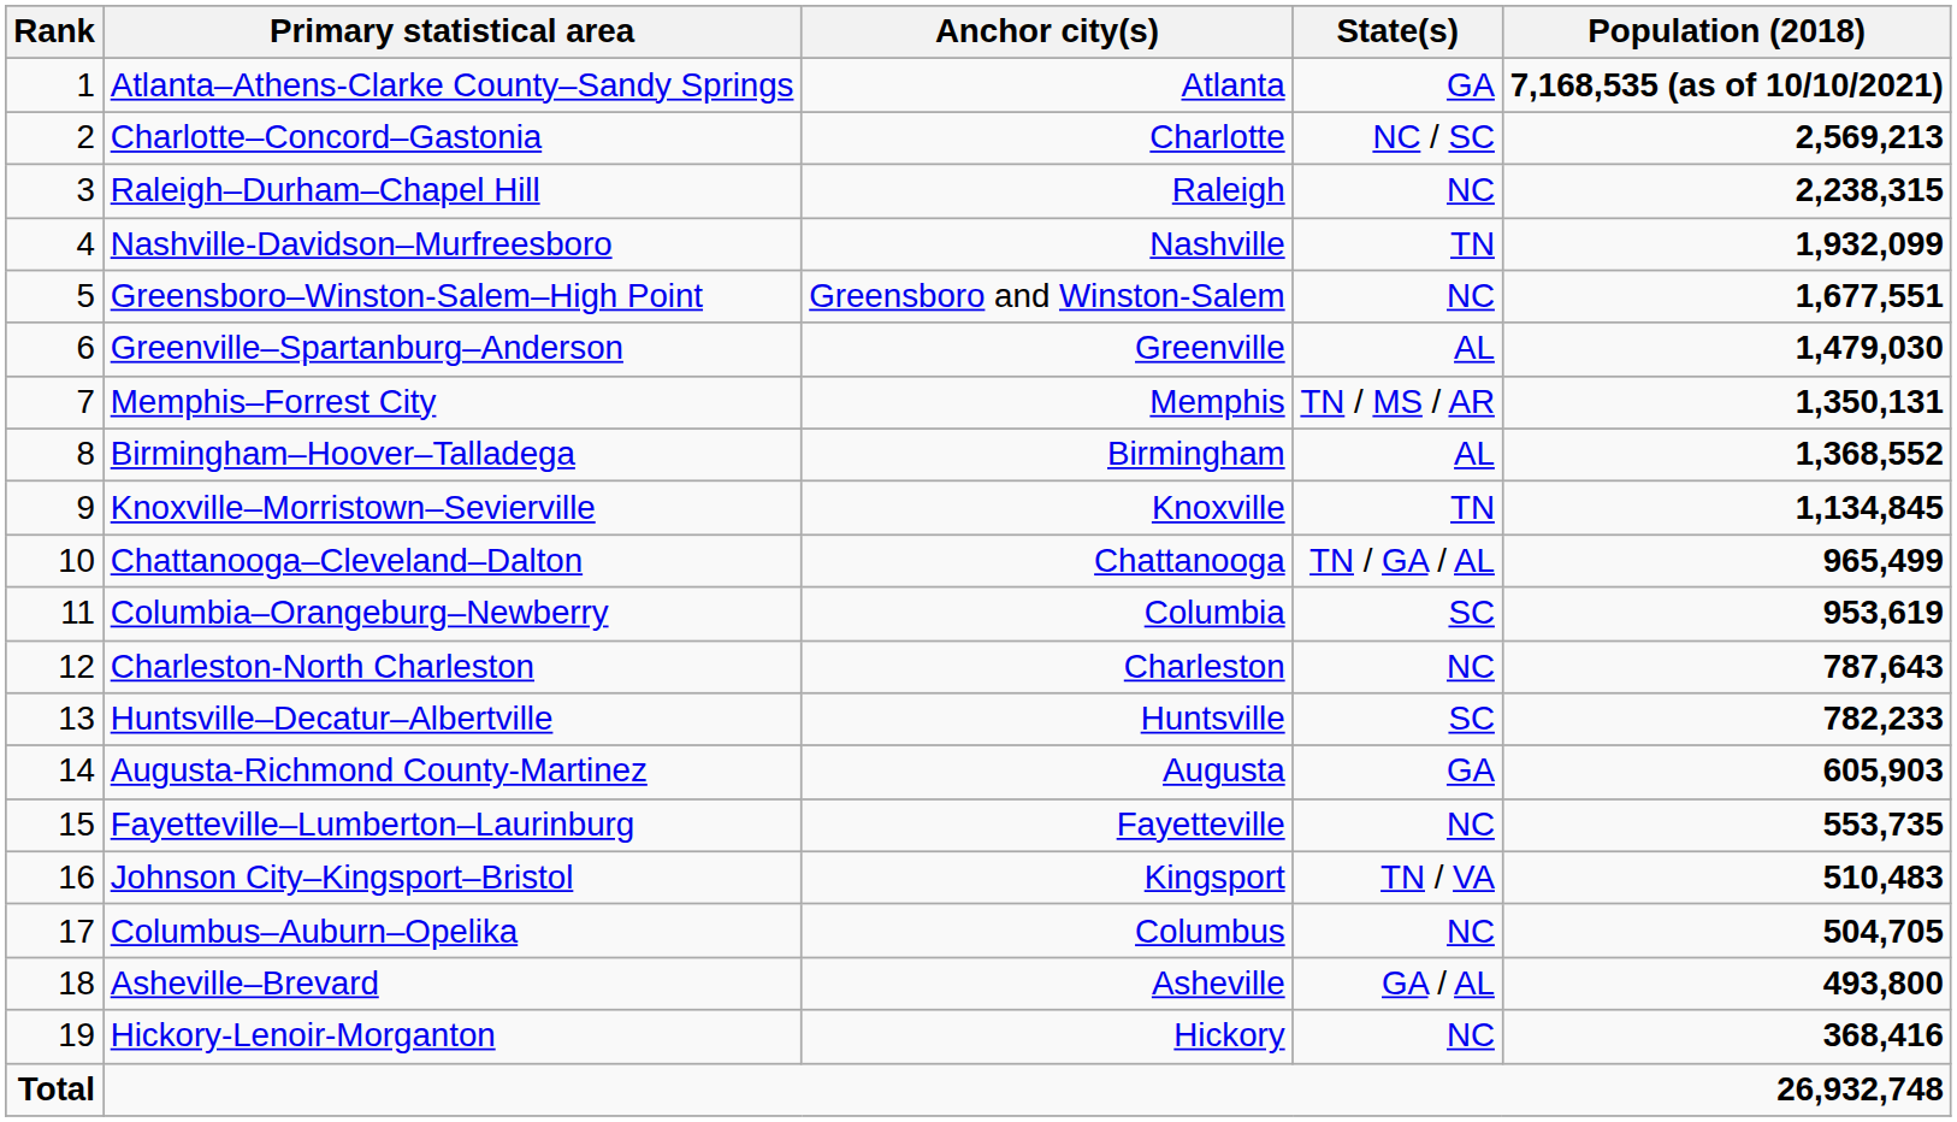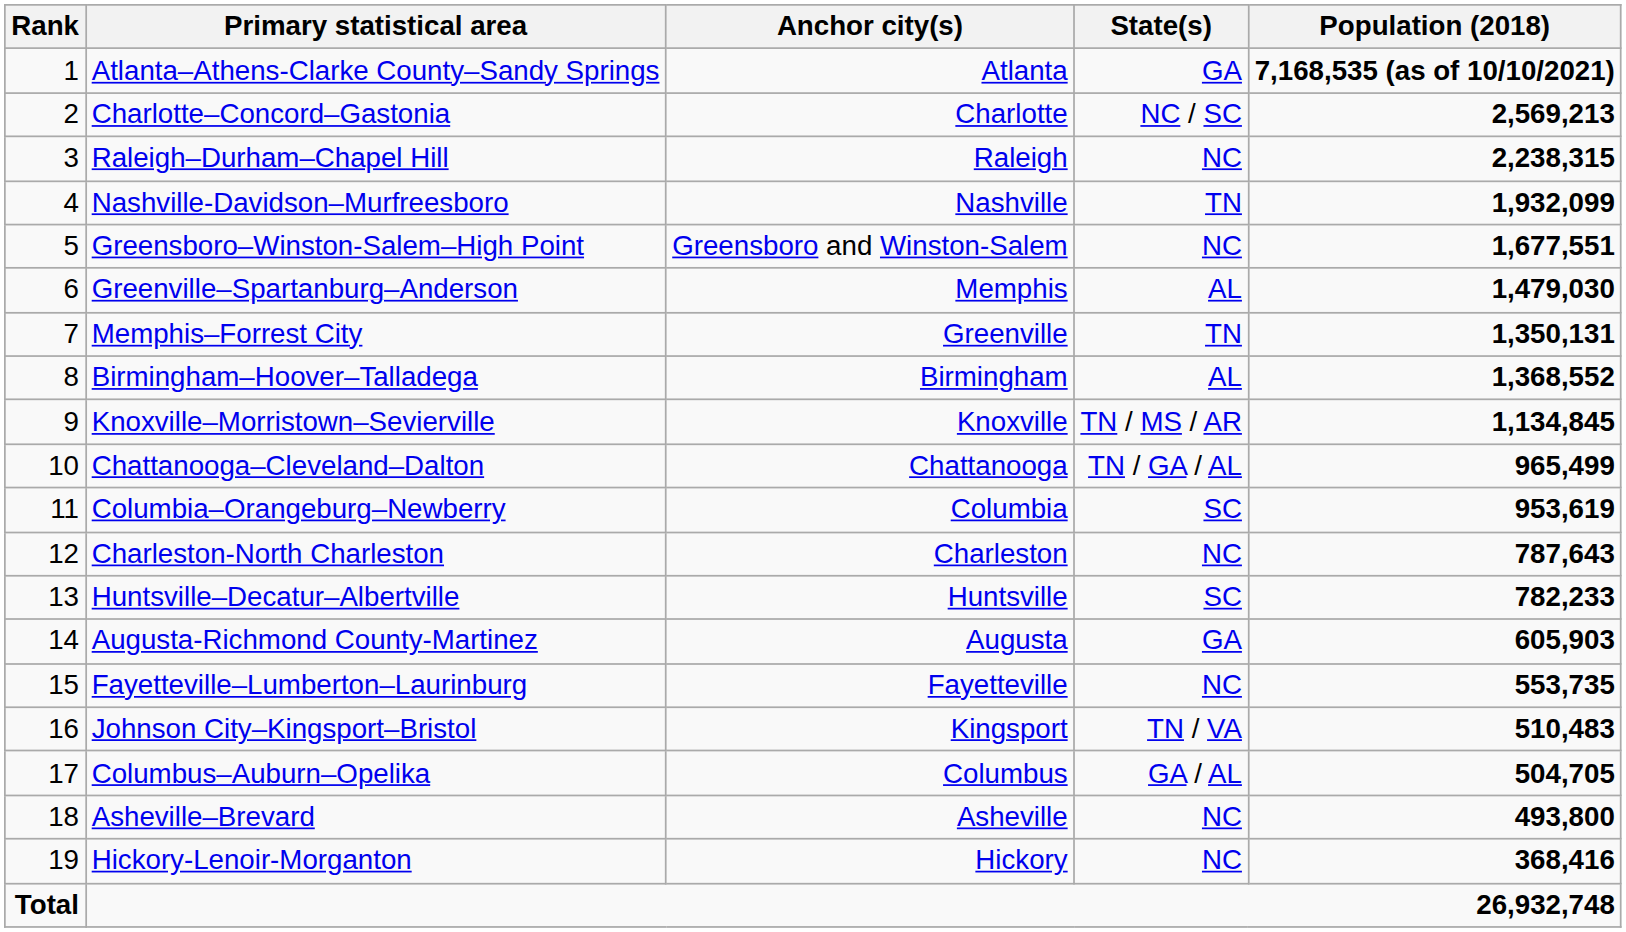 <table class="wikitable" style="text-align:right;left:90px">
 <tr>
 <th>Rank</th>
 <th align=center>Primary statistical area</th>
 <th>Anchor city(s)</th>
 <th>State(s)</th>
 <th>Population (2018)</th>
 </tr>
 <tr>
 <td>1</td>
 <td align=left><a href='#'>Atlanta–Athens-Clarke County–Sandy Springs</a></td>
 <td><a href='#'>Atlanta</a></td>
 <td><a href='#'>GA</a></td>
 <td><strong>7,168,535 (as of 10/10/2021)</strong></td>
 </tr>
 <tr>
 <td>2</td>
 <td align=left><a href='#'>Charlotte–Concord–Gastonia</a></td>
 <td><a href='#'>Charlotte</a></td>
 <td><a href='#'>NC</a> / <a href='#'>SC</a></td>
 <td><strong>2,569,213</strong></td>
 </tr>
 <tr>
 <td>3</td>
 <td align=left><a href='#'>Raleigh–Durham–Chapel Hill</a></td>
 <td><a href='#'>Raleigh</a></td>
 <td><a href='#'>NC</a></td>
 <td><strong>2,238,315</strong></td>
 </tr>
 <tr>
 <td>4</td>
 <td align=left><a href='#'>Nashville-Davidson–Murfreesboro</a></td>
 <td><a href='#'>Nashville</a></td>
 <td><a href='#'>TN</a></td>
 <td><strong>1,932,099</strong></td>
 </tr>
 <tr>
 <td>5</td>
 <td align=left><a href='#'>Greensboro–Winston-Salem–High Point</a></td>
 <td><a href='#'>Greensboro</a> and <a href='#'>Winston-Salem</a></td>
 <td><a href='#'>NC</a></td>
 <td><strong>1,677,551</strong></td>
 </tr>
 <tr>
 <td>6</td>
 <td align=left><a href='#'>Greenville–Spartanburg–Anderson</a></td>
-<td><a href='#'>Greenville</a></td>
+<td><a href='#'>Memphis</a></td>
 <td><a href='#'>AL</a></td>
 <td><strong>1,479,030</strong></td>
 </tr>
 <tr>
 <td>7</td>
 <td align=left><a href='#'>Memphis–Forrest City</a></td>
-<td><a href='#'>Memphis</a></td>
-<td><a href='#'>TN</a> / <a href='#'>MS</a> / <a href='#'>AR</a></td>
+<td><a href='#'>Greenville</a></td>
+<td><a href='#'>TN</a></td>
 <td><strong>1,350,131</strong></td>
 </tr>
 <tr>
 <td>8</td>
 <td align=left><a href='#'>Birmingham–Hoover–Talladega</a></td>
 <td><a href='#'>Birmingham</a></td>
 <td><a href='#'>AL</a></td>
 <td><strong>1,368,552</strong></td>
 </tr>
 <tr>
 <td>9</td>
 <td align=left><a href='#'>Knoxville–Morristown–Sevierville</a></td>
 <td><a href='#'>Knoxville</a></td>
-<td><a href='#'>TN</a></td>
+<td><a href='#'>TN</a> / <a href='#'>MS</a> / <a href='#'>AR</a></td>
 <td><strong>1,134,845</strong></td>
 </tr>
 <tr>
 <td>10</td>
 <td align=left><a href='#'>Chattanooga–Cleveland–Dalton</a></td>
 <td><a href='#'>Chattanooga</a></td>
 <td><a href='#'>TN</a> / <a href='#'>GA</a> / <a href='#'>AL</a></td>
 <td><strong>965,499</strong></td>
 </tr>
 <tr>
 <td>11</td>
 <td align=left><a href='#'>Columbia–Orangeburg–Newberry</a></td>
 <td><a href='#'>Columbia</a></td>
 <td><a href='#'>SC</a></td>
 <td><strong>953,619</strong></td>
 </tr>
 <tr>
 <td>12</td>
 <td align="left"><a href='#'>Charleston-North Charleston</a></td>
 <td><a href='#'>Charleston</a></td>
 <td><a href='#'>NC</a></td>
 <td><strong>787,643</strong></td>
 </tr>
 <tr>
 <td>13</td>
 <td align="left"><a href='#'>Huntsville–Decatur–Albertville</a></td>
 <td><a href='#'>Huntsville</a></td>
 <td><a href='#'>SC</a></td>
 <td><strong>782,233</strong></td>
 </tr>
 <tr>
 <td>14</td>
 <td align="left"><a href='#'>Augusta-Richmond County-Martinez</a></td>
 <td><a href='#'>Augusta</a></td>
 <td><a href='#'>GA</a></td>
 <td><strong>605,903</strong></td>
 </tr>
 <tr>
 <td>15</td>
 <td align="left"><a href='#'>Fayetteville–Lumberton–Laurinburg</a></td>
 <td><a href='#'>Fayetteville</a></td>
 <td><a href='#'>NC</a></td>
 <td><strong>553,735</strong></td>
 </tr>
 <tr>
 <td>16</td>
 <td align="left"><a href='#'>Johnson City–Kingsport–Bristol</a></td>
 <td><a href='#'>Kingsport</a></td>
 <td><a href='#'>TN</a> / <a href='#'>VA</a></td>
 <td><strong>510,483</strong></td>
 </tr>
 <tr>
 <td>17</td>
 <td align="left"><a href='#'>Columbus–Auburn–Opelika</a></td>
 <td><a href='#'>Columbus</a></td>
-<td><a href='#'>NC</a></td>
+<td><a href='#'>GA</a> / <a href='#'>AL</a></td>
 <td><strong>504,705</strong></td>
 </tr>
 <tr>
 <td>18</td>
 <td align="left"><a href='#'>Asheville–Brevard</a></td>
 <td><a href='#'>Asheville</a></td>
-<td><a href='#'>GA</a> / <a href='#'>AL</a></td>
+<td><a href='#'>NC</a></td>
 <td><strong>493,800</strong></td>
 </tr>
 <tr>
 <td>19</td>
 <td align="left"><a href='#'>Hickory-Lenoir-Morganton</a></td>
 <td><a href='#'>Hickory</a></td>
 <td><a href='#'>NC</a></td>
 <td><strong>368,416</strong></td>
 </tr>
 <tr>
 <td><strong>Total</strong></td>
 <td colspan=4><strong>26,932,748</strong></td>
 </tr>
 </table>
